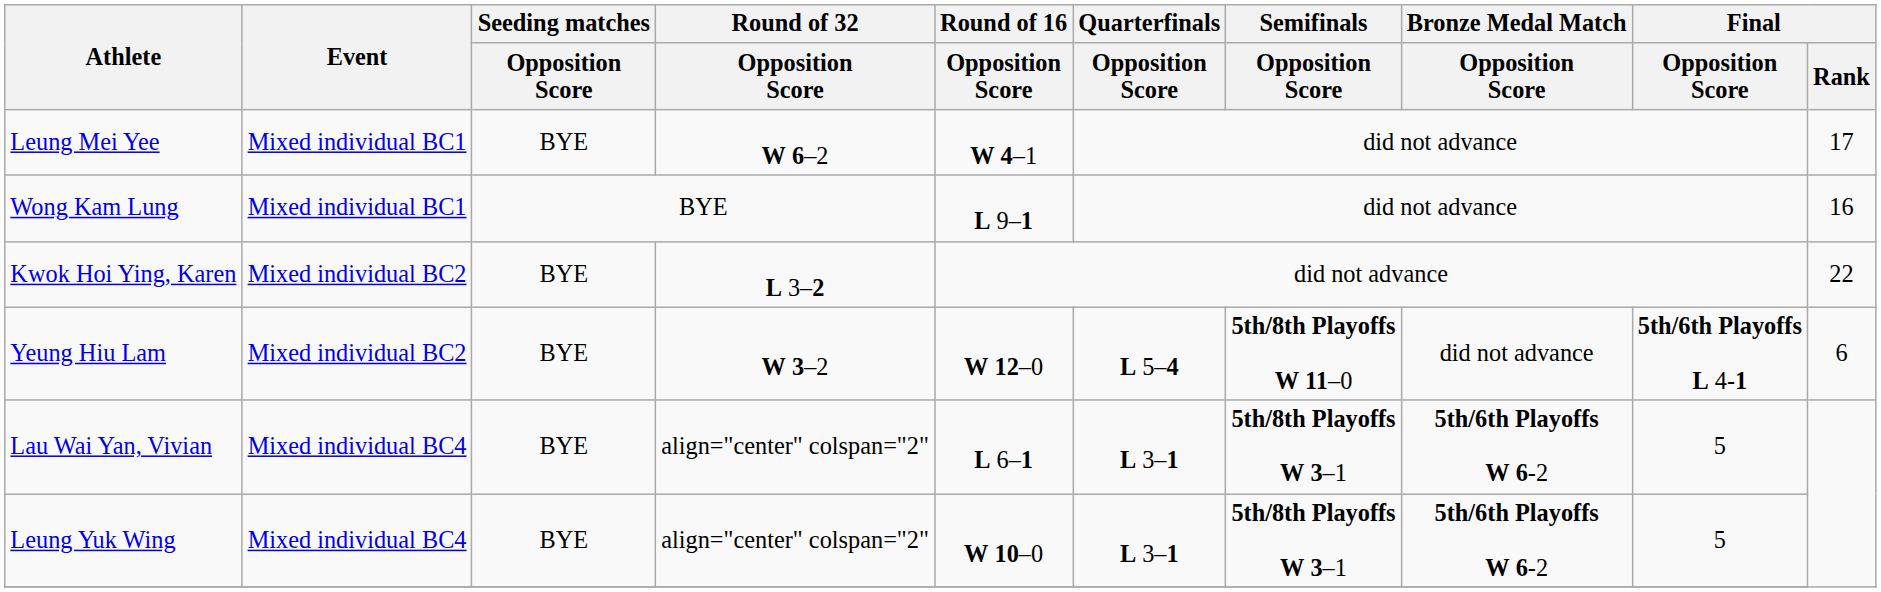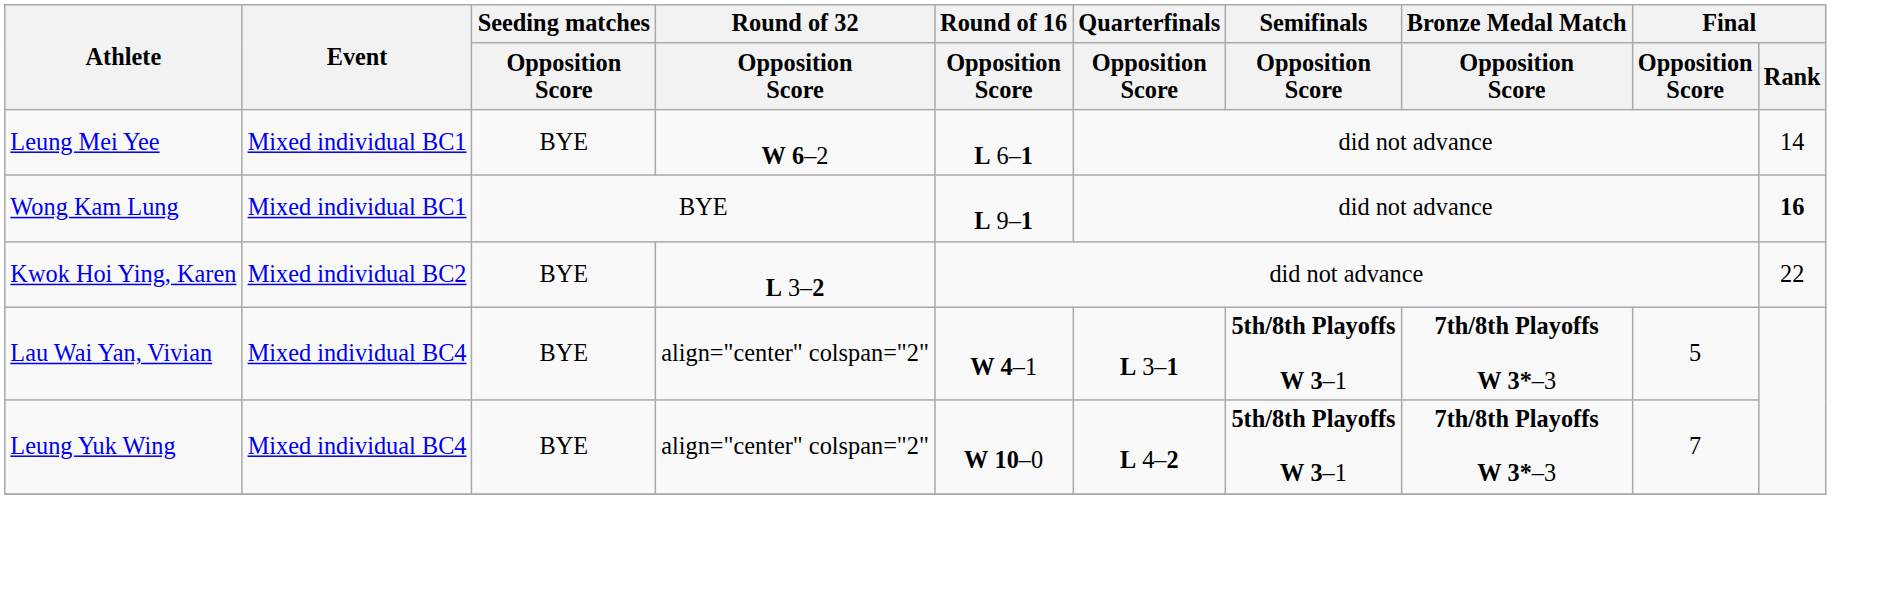 <table class=wikitable>
 <tr>
 <th rowspan="2">Athlete</th>
 <th rowspan="2">Event</th>
 <th>Seeding matches</th>
 <th>Round of 32</th>
 <th>Round of 16</th>
 <th>Quarterfinals</th>
 <th>Semifinals</th>
 <th>Bronze Medal Match</th>
 <th colspan="2">Final</th>
 </tr>
 <tr>
 <th>Opposition<br>Score</th>
 <th>Opposition<br>Score</th>
 <th>Opposition<br>Score</th>
 <th>Opposition<br>Score</th>
 <th>Opposition<br>Score</th>
 <th>Opposition<br>Score</th>
 <th>Opposition<br>Score</th>
 <th>Rank</th>
 </tr>
 <tr>
 <td><a href='#'>Leung Mei Yee</a></td>
 <td><a href='#'>Mixed individual BC1</a></td>
 <td align="center">BYE</td>
 <td align="center"><br><strong>W</strong> <strong>6</strong>–2</td>
-<td align="center"><br><strong>W</strong> <strong>4</strong>–1</td>
+<td align="center"><br><strong>L</strong> 6–<strong>1</strong></td>
 <td align="center" colspan="4">did not advance</td>
-<td align="center">17</td>
+<td align="center">14</td>
 </tr>
 <tr>
 <td><a href='#'>Wong Kam Lung</a></td>
 <td><a href='#'>Mixed individual BC1</a></td>
 <td align="center" colspan="2">BYE</td>
 <td align="center"><br><strong>L</strong> 9–<strong>1</strong></td>
 <td align="center" colspan="4">did not advance</td>
-<td align="center">16</td>
+<td align="center"><strong>16</strong></td>
 </tr>
 <tr>
 <td><a href='#'>Kwok Hoi Ying, Karen</a></td>
 <td><a href='#'>Mixed individual BC2</a></td>
 <td align="center">BYE</td>
 <td align="center"><br><strong>L</strong> 3–<strong>2</strong></td>
 <td align="center" colspan="5">did not advance</td>
 <td align="center">22</td>
 </tr>
 <tr>
-<td><a href='#'>Yeung Hiu Lam</a></td>
-<td><a href='#'>Mixed individual BC2</a></td>
-<td align="center">BYE</td>
-<td align="center"><br><strong>W</strong> <strong>3</strong>–2</td>
-<td align="center"><br><strong>W</strong> <strong>12</strong>–0</td>
-<td align="center"><br><strong>L</strong> 5–<strong>4</strong></td>
-<td align="center"><strong>5th/8th Playoffs</strong><br><br><strong>W</strong> <strong>11</strong>–0</td>
-<td align="center">did not advance</td>
-<td align="center"><strong>5th/6th Playoffs</strong><br><br><strong>L</strong> 4-<strong>1</strong></td>
-<td align="center">6</td>
-</tr>
-<tr>
 <td><a href='#'>Lau Wai Yan, Vivian</a></td>
 <td><a href='#'>Mixed individual BC4</a></td>
 <td align="center">BYE</td>
 <td>align="center" colspan="2" </td>
-<td align="center"><br><strong>L</strong> 6–<strong>1</strong></td>
+<td align="center"><br><strong>W</strong> <strong>4</strong>–1</td>
 <td align="center"><br><strong>L</strong> 3–<strong>1</strong></td>
 <td align="center"><strong>5th/8th Playoffs</strong><br><br><strong>W</strong> <strong>3</strong>–1</td>
-<td align="center"><strong>5th/6th Playoffs</strong><br><br><strong>W</strong> <strong>6</strong>-2</td>
+<td align="center"><strong>7th/8th Playoffs</strong><br><br><strong>W</strong> <strong>3*</strong>–3</td>
 <td align="center">5</td>
 </tr>
 <tr>
 <td><a href='#'>Leung Yuk Wing</a></td>
 <td><a href='#'>Mixed individual BC4</a></td>
 <td align="center">BYE</td>
 <td>align="center" colspan="2" </td>
 <td align="center"><br><strong>W</strong> <strong>10</strong>–0</td>
-<td align="center"><br><strong>L</strong> 3–<strong>1</strong></td>
+<td align="center"><br><strong>L</strong> 4–<strong>2</strong></td>
 <td align="center"><strong>5th/8th Playoffs</strong><br><br><strong>W</strong> <strong>3</strong>–1</td>
-<td align="center"><strong>5th/6th Playoffs</strong><br><br><strong>W</strong> <strong>6</strong>-2</td>
-<td align="center">5</td>
+<td align="center"><strong>7th/8th Playoffs</strong><br><br><strong>W</strong> <strong>3*</strong>–3</td>
+<td align="center">7</td>
 </tr>
 <tr>
 </tr>
 </table>
